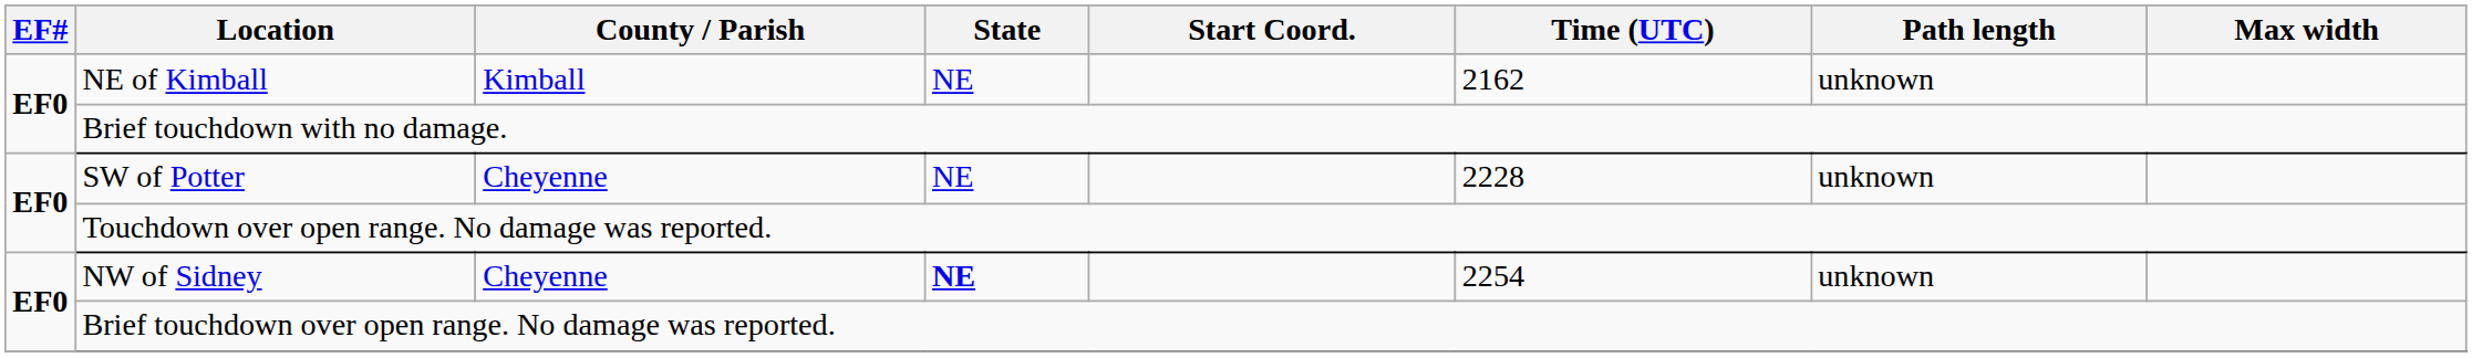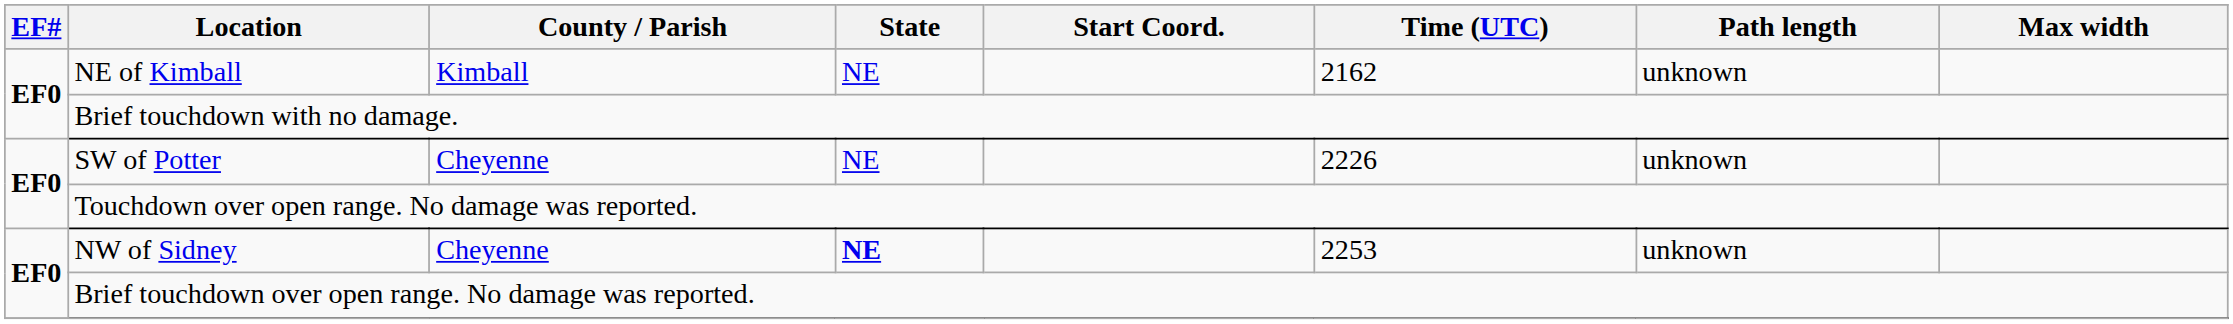 <table class="wikitable sortable" style="width:100%;">
 <tr>
 <th scope="col" width="2%" align="center"><a href='#'>EF#</a></th>
 <th scope="col" align="center" class="unsortable">Location</th>
 <th scope="col" align="center" class="unsortable">County / Parish</th>
 <th scope="col" align="center">State</th>
 <th scope="col" align="center" data-sort-type="number">Start Coord.</th>
 <th scope="col" align="center" data-sort-type="number">Time (<a href='#'>UTC</a>)</th>
 <th scope="col" align="center" data-sort-type="number">Path length</th>
 <th scope="col" align="center" data-sort-type="number">Max width</th>
 </tr>
 <tr>
 <td rowspan="2" align="center"><strong>EF0</strong></td>
 <td>NE of <a href='#'>Kimball</a></td>
 <td><a href='#'>Kimball</a></td>
 <td><a href='#'>NE</a></td>
 <td></td>
 <td>2162</td>
 <td>unknown</td>
 <td></td>
 </tr>
 <tr class="expand-child">
 <td colspan="8" style=" border-bottom: 1px solid black;">Brief touchdown with no damage.</td>
 </tr>
 <tr>
 <td rowspan="2" align="center"><strong>EF0</strong></td>
 <td>SW of <a href='#'>Potter</a></td>
 <td><a href='#'>Cheyenne</a></td>
 <td><a href='#'>NE</a></td>
 <td></td>
-<td>2228</td>
+<td>2226</td>
 <td>unknown</td>
 <td></td>
 </tr>
 <tr class="expand-child">
 <td colspan="8" style=" border-bottom: 1px solid black;">Touchdown over open range. No damage was reported.</td>
 </tr>
 <tr>
 <td rowspan="2" align="center"><strong>EF0</strong></td>
 <td>NW of <a href='#'>Sidney</a></td>
 <td><a href='#'>Cheyenne</a></td>
 <td><strong><a href='#'>NE</a></strong></td>
 <td></td>
-<td>2254</td>
+<td>2253</td>
 <td>unknown</td>
 <td></td>
 </tr>
 <tr class="expand-child">
 <td colspan="8" style=" border-bottom: 1px solid black;">Brief touchdown over open range. No damage was reported.</td>
 </tr>
 <tr>
 </tr>
 </table>
